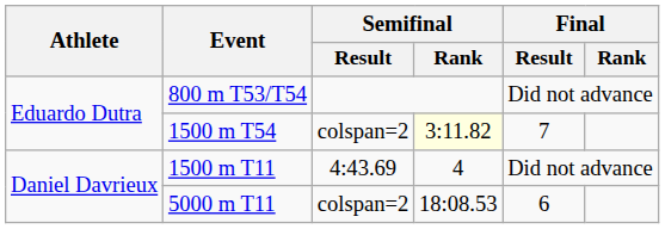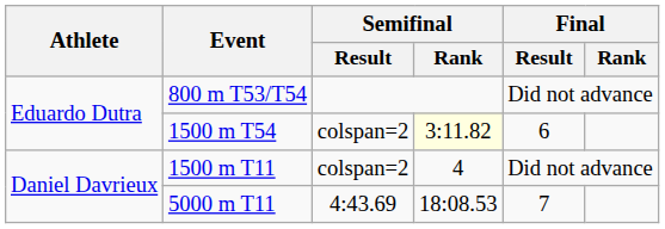 <table class="wikitable" style="font-size:90%">
 <tr>
 <th rowspan="2">Athlete</th>
 <th rowspan="2">Event</th>
 <th colspan="2">Semifinal</th>
 <th colspan="2">Final</th>
 </tr>
 <tr style="font-size:95%">
 <th>Result</th>
 <th>Rank</th>
 <th>Result</th>
 <th>Rank</th>
 </tr>
 <tr align=center>
 <td align=left rowspan=2><a href='#'>Eduardo Dutra</a></td>
 <td align=left><a href='#'>800 m T53/T54</a></td>
 <td colspan=2></td>
 <td colspan=2>Did not advance</td>
 </tr>
 <tr align=center>
 <td align=left><a href='#'>1500 m T54</a></td>
 <td>colspan=2 </td>
 <td style="background: lightyellow;">3:11.82</td>
-<td>7</td>
+<td>6</td>
 </tr>
 <tr align=center>
 <td align=left rowspan=2><a href='#'>Daniel Davrieux</a></td>
 <td align=left><a href='#'>1500 m T11</a></td>
-<td>4:43.69</td>
+<td>colspan=2 </td>
 <td>4</td>
 <td colspan=2>Did not advance</td>
 </tr>
 <tr align=center>
 <td align=left><a href='#'>5000 m T11</a></td>
-<td>colspan=2 </td>
+<td>4:43.69</td>
 <td>18:08.53</td>
-<td>6</td>
+<td>7</td>
 </tr>
 </table>
